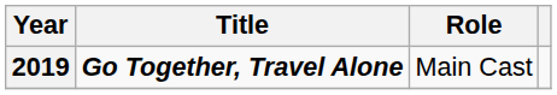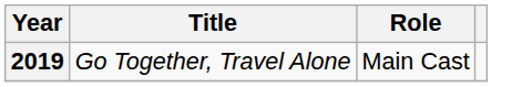 <table class="wikitable sortable plainrowheaders">
 <tr>
 <th scope="col">Year</th>
 <th scope="col" class="unsortable">Title</th>
 <th scope="col" class="unsortable">Role</th>
 <th scope="col" class="unsortable"></th>
 </tr>
 <tr>
 <th scope="row">2019</th>
-<td><strong><em>Go Together, Travel Alone</em></strong></td>
+<td><em>Go Together, Travel Alone</em></td>
 <td>Main Cast</td>
 <td style="text-align:center"></td>
 </tr>
 <tr>
 </tr>
 </table>
